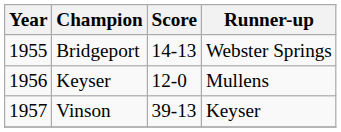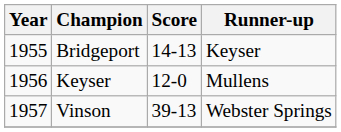 <table class="wikitable">
 <tr>
 <th>Year</th>
 <th>Champion</th>
 <th>Score</th>
 <th>Runner-up</th>
 </tr>
 <tr>
 <td>1955</td>
 <td>Bridgeport</td>
 <td>14-13</td>
-<td>Webster Springs</td>
+<td>Keyser</td>
 </tr>
 <tr>
 <td>1956</td>
 <td>Keyser</td>
 <td>12-0</td>
 <td>Mullens</td>
 </tr>
 <tr>
 <td>1957</td>
 <td>Vinson</td>
 <td>39-13</td>
-<td>Keyser</td>
+<td>Webster Springs</td>
 </tr>
 <tr>
 </tr>
 </table>
